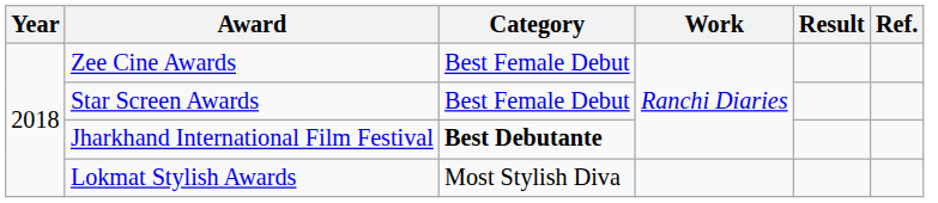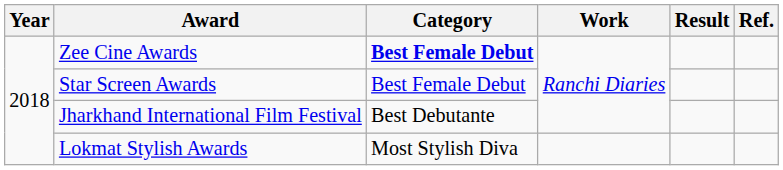 <table class=wikitable>
 <tr>
 <th>Year</th>
 <th>Award</th>
 <th>Category</th>
 <th>Work</th>
 <th>Result</th>
 <th>Ref.</th>
 </tr>
 <tr>
 <td rowspan="4">2018</td>
 <td><a href='#'>Zee Cine Awards</a></td>
-<td><a href='#'>Best Female Debut</a></td>
+<td><strong><a href='#'>Best Female Debut</a></strong></td>
 <td rowspan="3"><em><a href='#'>Ranchi Diaries</a></em></td>
 <td></td>
 <td></td>
 </tr>
 <tr>
 <td><a href='#'>Star Screen Awards</a></td>
 <td><a href='#'>Best Female Debut</a></td>
 <td></td>
 <td></td>
 </tr>
 <tr>
 <td><a href='#'>Jharkhand International Film Festival</a></td>
-<td><strong>Best Debutante</strong></td>
+<td>Best Debutante</td>
 <td></td>
 <td></td>
 </tr>
 <tr>
 <td><a href='#'>Lokmat Stylish Awards</a></td>
 <td>Most Stylish Diva</td>
 <td></td>
 <td></td>
 <td></td>
 </tr>
 </table>
